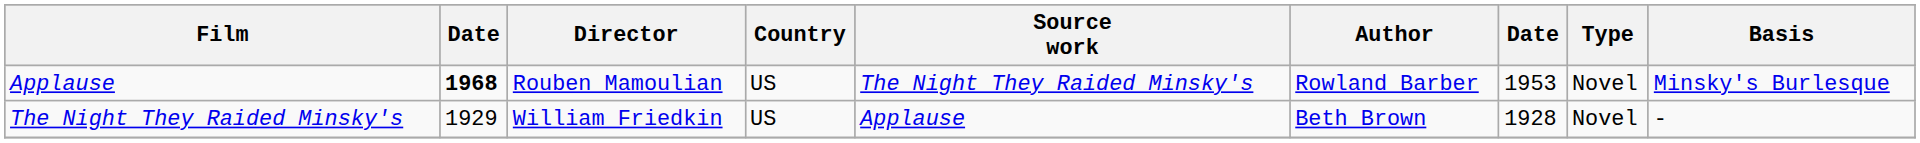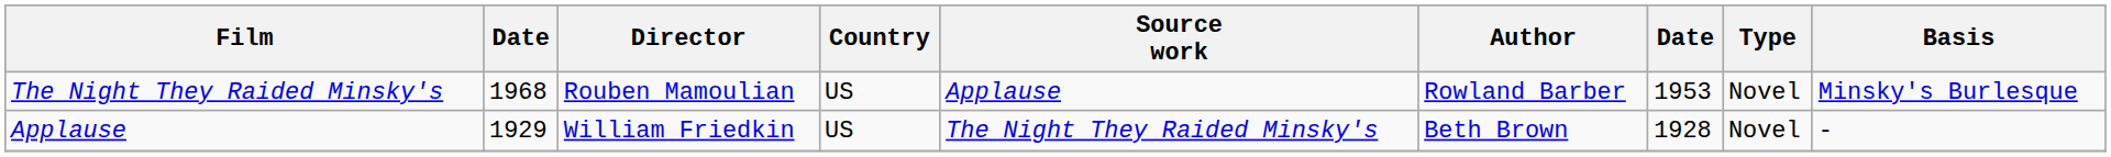 <table class="wikitable" style=width:90%>
 <tr bgcolor="#CCCCCC">
 <th>Film</th>
 <th>Date</th>
 <th>Director</th>
 <th>Country</th>
 <th>Source<br>work</th>
 <th>Author</th>
 <th>Date</th>
 <th>Type</th>
 <th>Basis</th>
 </tr>
 <tr>
-<td><em><a href='#'>Applause</a></em></td>
-<td><strong>1968</strong></td>
+<td><em><a href='#'>The Night They Raided Minsky's</a></em></td>
+<td>1968</td>
 <td><a href='#'>Rouben Mamoulian</a></td>
 <td>US</td>
-<td><em><a href='#'>The Night They Raided Minsky's</a></em></td>
+<td><em><a href='#'>Applause</a></em></td>
 <td><a href='#'>Rowland Barber</a></td>
 <td>1953</td>
 <td>Novel</td>
 <td><a href='#'>Minsky's Burlesque</a></td>
 </tr>
 <tr>
-<td><em><a href='#'>The Night They Raided Minsky's</a></em></td>
+<td><em><a href='#'>Applause</a></em></td>
 <td>1929</td>
 <td><a href='#'>William Friedkin</a></td>
 <td>US</td>
-<td><em><a href='#'>Applause</a></em></td>
+<td><em><a href='#'>The Night They Raided Minsky's</a></em></td>
 <td><a href='#'>Beth Brown</a></td>
 <td>1928</td>
 <td>Novel</td>
 <td>-</td>
 </tr>
 <tr>
 </tr>
 </table>
